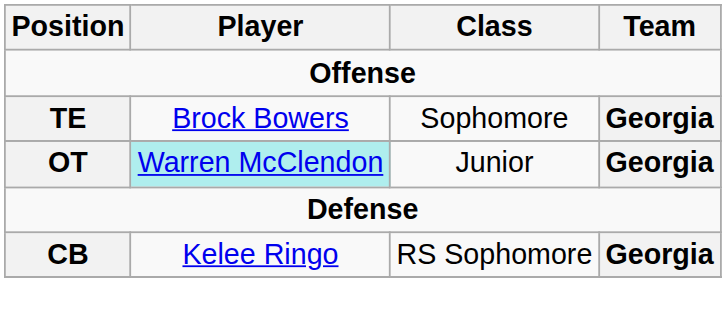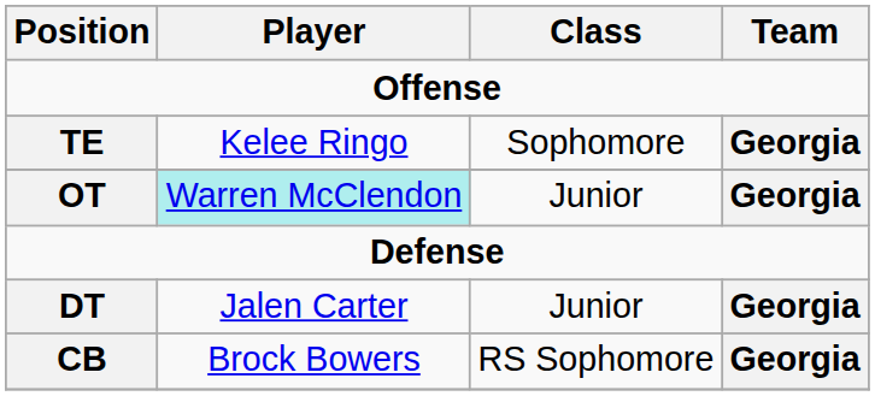 <table class="wikitable">
 <tr>
 <th>Position</th>
 <th>Player</th>
 <th>Class</th>
 <th>Team</th>
 </tr>
 <tr>
 <td colspan="4" style="text-align:center; "><strong>Offense</strong></td>
 </tr>
 <tr style="text-align:center;">
 <th rowspan="1">TE</th>
-<td><a href='#'>Brock Bowers</a></td>
+<td><a href='#'>Kelee Ringo</a></td>
 <td>Sophomore</td>
 <th style=>Georgia</th>
 </tr>
 <tr>
 </tr>
 <tr style="text-align:center;">
 <th rowspan="1">OT</th>
 <td style="background: paleturquoise;"><a href='#'>Warren McClendon</a></td>
 <td>Junior</td>
 <th style=>Georgia</th>
 </tr>
 <tr>
 <td colspan="4" style="text-align:center; "><strong>Defense</strong></td>
 </tr>
 <tr style="text-align:center;">
+<th rowspan="1">DT</th>
+<td><a href='#'>Jalen Carter</a></td>
+<td>Junior</td>
+<th style=>Georgia</th>
+</tr>
+<tr style="text-align:center;">
 <th rowspan="1">CB</th>
-<td><a href='#'>Kelee Ringo</a></td>
+<td><a href='#'>Brock Bowers</a></td>
 <td>RS Sophomore</td>
 <th style=>Georgia</th>
 </tr>
 <tr>
 </tr>
 </table>
